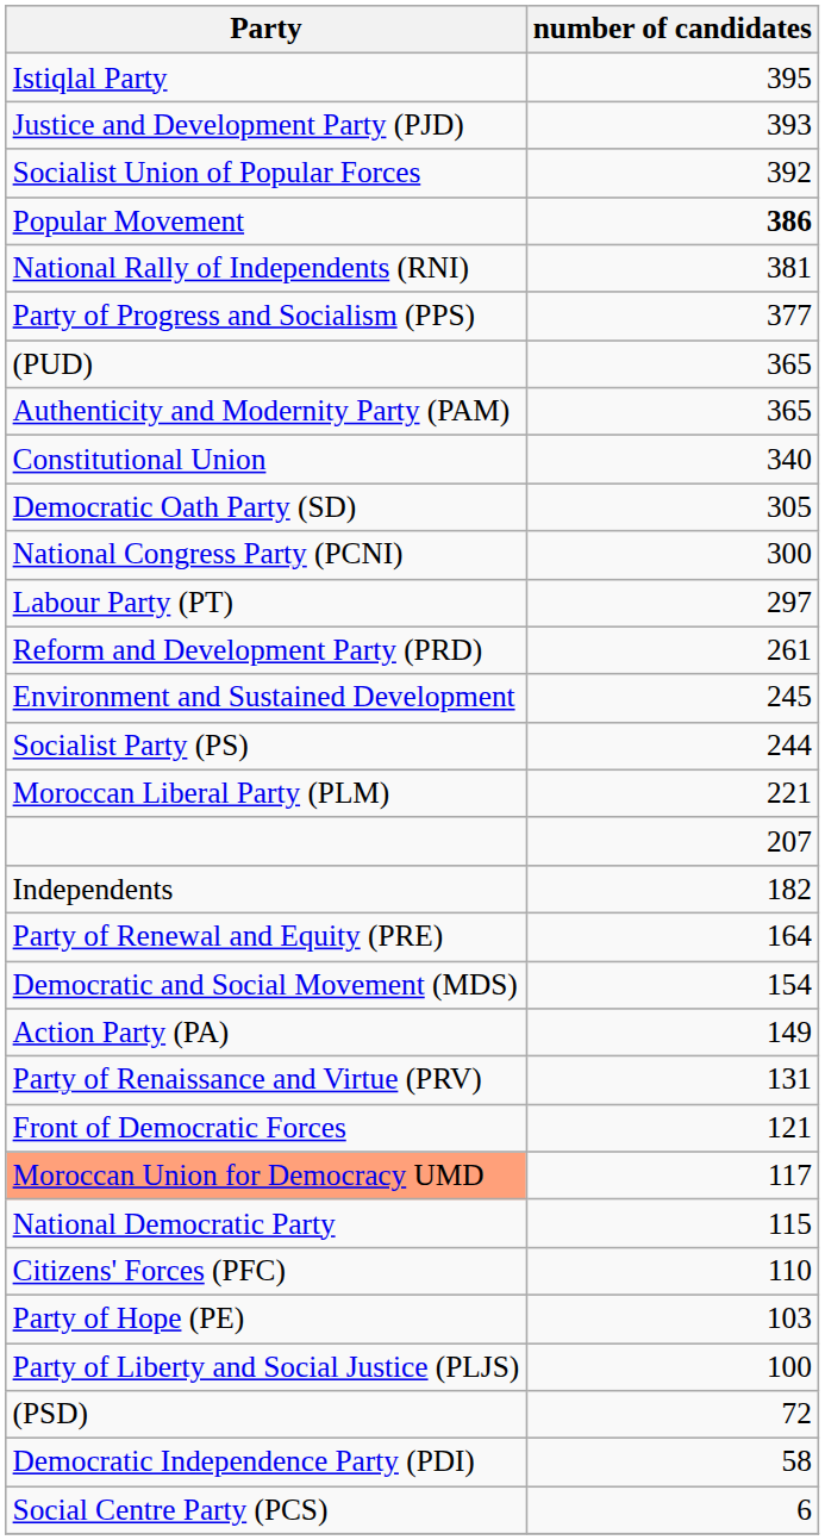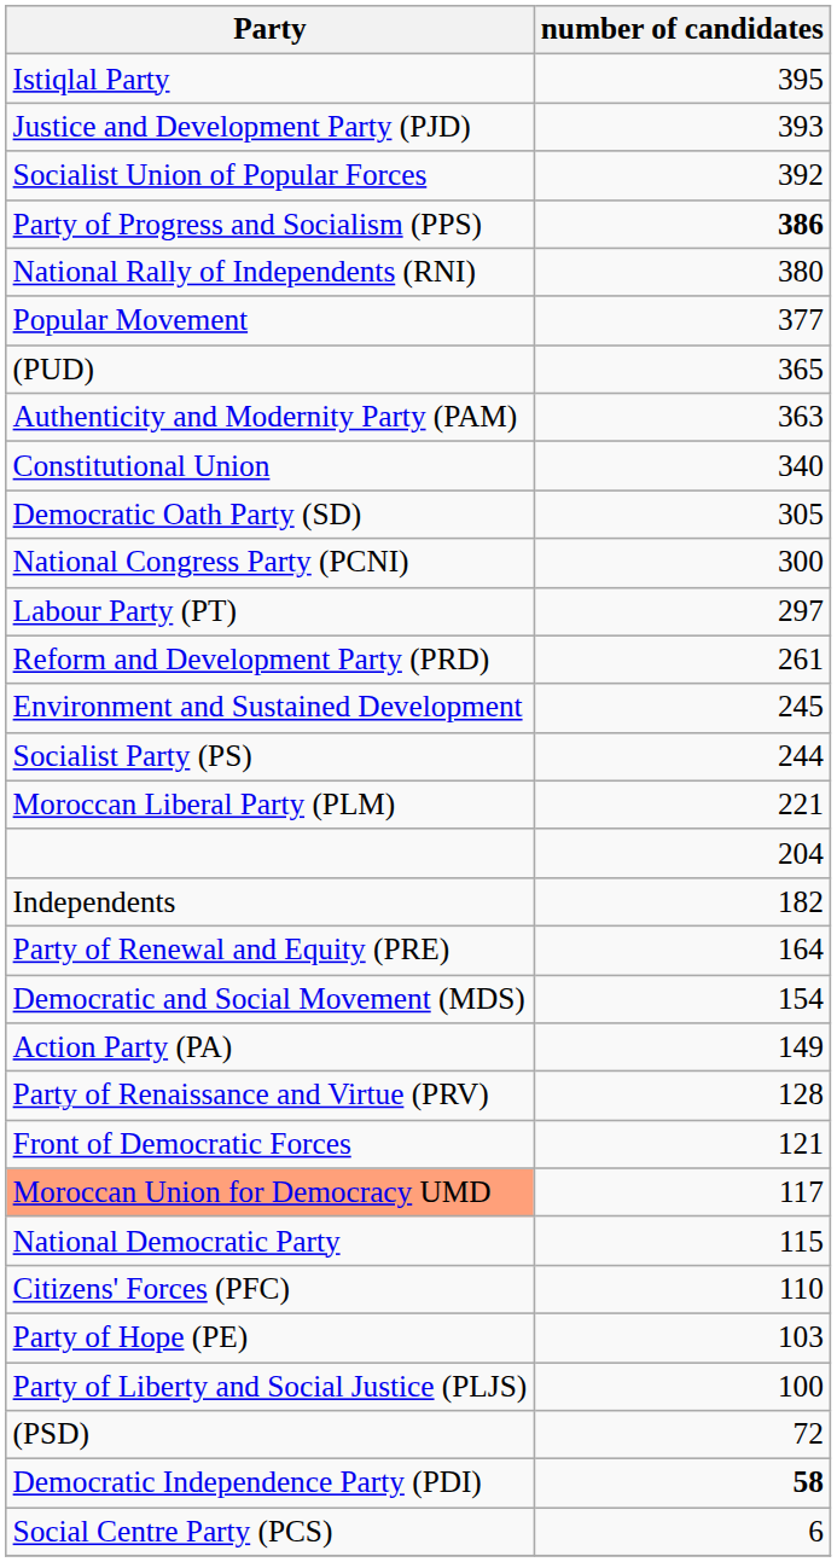 <table class="wikitable sortable" style="margin:2em left 1em auto;">
 <tr>
 <th scope="col">Party</th>
 <th scope="col">number of candidates</th>
 </tr>
 <tr>
 <td><a href='#'>Istiqlal Party</a></td>
 <td align="right">395</td>
 </tr>
 <tr>
 <td><a href='#'>Justice and Development Party</a> (PJD)</td>
 <td align="right">393</td>
 </tr>
 <tr>
 <td><a href='#'>Socialist Union of Popular Forces</a></td>
 <td align="right">392</td>
 </tr>
 <tr>
-<td><a href='#'>Popular Movement</a></td>
+<td><a href='#'>Party of Progress and Socialism</a> (PPS)</td>
 <td align="right"><strong>386</strong></td>
 </tr>
 <tr>
 <td><a href='#'>National Rally of Independents</a> (RNI)</td>
-<td align="right">381</td>
+<td align="right">380</td>
 </tr>
 <tr>
-<td><a href='#'>Party of Progress and Socialism</a> (PPS)</td>
+<td><a href='#'>Popular Movement</a></td>
 <td align="right">377</td>
 </tr>
 <tr>
 <td> (PUD)</td>
 <td align="right">365</td>
 </tr>
 <tr>
 <td><a href='#'>Authenticity and Modernity Party</a> (PAM)</td>
-<td align="right">365</td>
+<td align="right">363</td>
 </tr>
 <tr>
 <td><a href='#'>Constitutional Union</a></td>
 <td align="right">340</td>
 </tr>
 <tr>
 <td><a href='#'>Democratic Oath Party</a> (SD)</td>
 <td align="right">305</td>
 </tr>
 <tr>
 <td><a href='#'>National Congress Party</a> (PCNI)</td>
 <td align="right">300</td>
 </tr>
 <tr>
 <td><a href='#'>Labour Party</a> (PT)</td>
 <td align="right">297</td>
 </tr>
 <tr>
 <td><a href='#'>Reform and Development Party</a> (PRD)</td>
 <td align="right">261</td>
 </tr>
 <tr>
 <td><a href='#'>Environment and Sustained Development</a></td>
 <td align="right">245</td>
 </tr>
 <tr>
 <td><a href='#'>Socialist Party</a> (PS)</td>
 <td align="right">244</td>
 </tr>
 <tr>
 <td><a href='#'>Moroccan Liberal Party</a> (PLM)</td>
 <td align="right">221</td>
 </tr>
 <tr>
 <td></td>
-<td align="right">207</td>
+<td align="right">204</td>
 </tr>
 <tr>
 <td>Independents</td>
 <td align="right">182</td>
 </tr>
 <tr>
 <td><a href='#'>Party of Renewal and Equity</a> (PRE)</td>
 <td align="right">164</td>
 </tr>
 <tr>
 <td><a href='#'>Democratic and Social Movement</a> (MDS)</td>
 <td align="right">154</td>
 </tr>
 <tr>
 <td><a href='#'>Action Party</a> (PA)</td>
 <td align="right">149</td>
 </tr>
 <tr>
 <td><a href='#'>Party of Renaissance and Virtue</a> (PRV)</td>
-<td align="right">131</td>
+<td align="right">128</td>
 </tr>
 <tr>
 <td><a href='#'>Front of Democratic Forces</a></td>
 <td align="right">121</td>
 </tr>
 <tr>
 <td style="background: lightsalmon;"><a href='#'>Moroccan Union for Democracy</a> UMD</td>
 <td align="right">117</td>
 </tr>
 <tr>
 <td><a href='#'>National Democratic Party</a></td>
 <td align="right">115</td>
 </tr>
 <tr>
 <td><a href='#'>Citizens' Forces</a> (PFC)</td>
 <td align="right">110</td>
 </tr>
 <tr>
 <td><a href='#'>Party of Hope</a> (PE)</td>
 <td align="right">103</td>
 </tr>
 <tr>
 <td><a href='#'>Party of Liberty and Social Justice</a> (PLJS)</td>
 <td align="right">100</td>
 </tr>
 <tr>
 <td> (PSD)</td>
 <td align="right">72</td>
 </tr>
 <tr>
 <td><a href='#'>Democratic Independence Party</a> (PDI)</td>
-<td align="right">58</td>
+<td align="right"><strong>58</strong></td>
 </tr>
 <tr>
 <td><a href='#'>Social Centre Party</a> (PCS)</td>
 <td align="right">6</td>
 </tr>
 <tr>
 </tr>
 </table>
